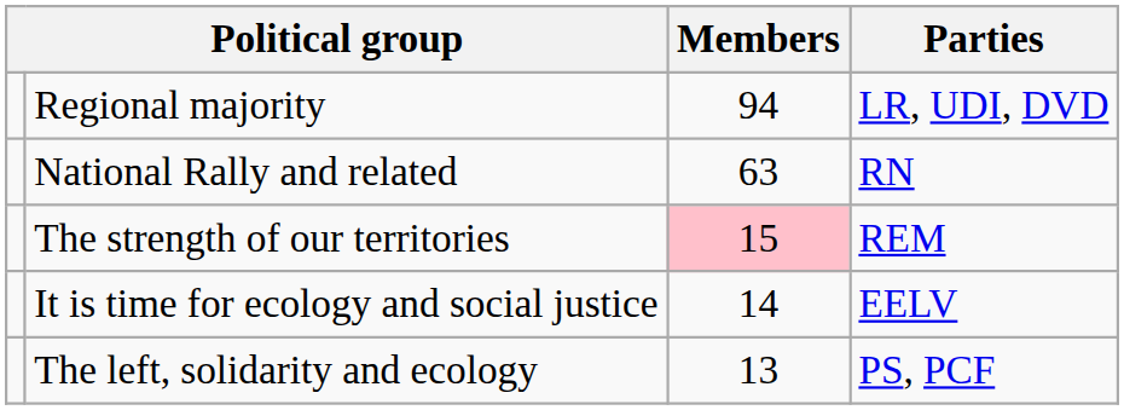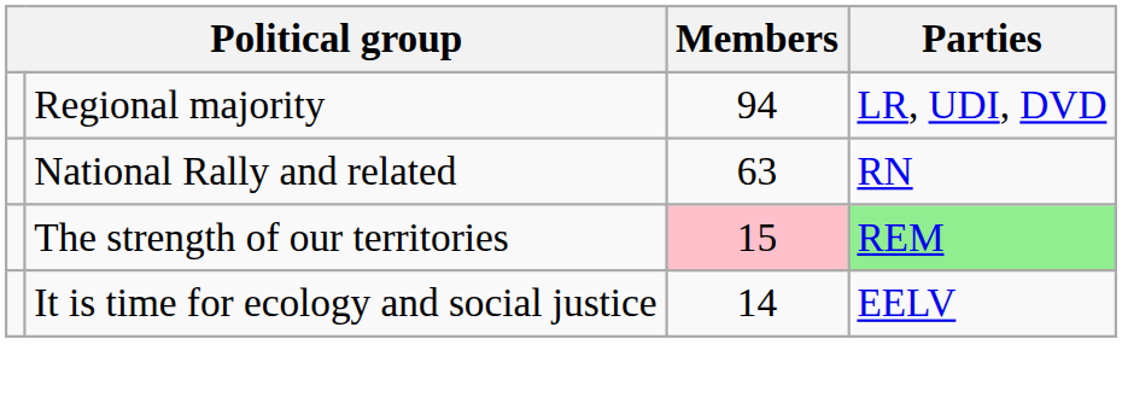 <table class="wikitable" style="font-size:95%;">
 <tr>
 <th colspan="2">Political group</th>
 <th>Members</th>
 <th>Parties</th>
 </tr>
 <tr>
 <td style="background:"></td>
 <td>Regional majority</td>
 <td style="text-align:center;">94</td>
 <td><a href='#'>LR</a>, <a href='#'>UDI</a>, <a href='#'>DVD</a></td>
 </tr>
 <tr>
 <td style="background:"></td>
 <td>National Rally and related</td>
 <td style="text-align:center;">63</td>
 <td><a href='#'>RN</a></td>
 </tr>
 <tr>
 <td style="background:"></td>
 <td>The strength of our territories</td>
 <td style="background: pink; text-align:center;">15</td>
-<td><a href='#'>REM</a></td>
+<td style="background: lightgreen;"><a href='#'>REM</a></td>
 </tr>
 <tr>
 <td style="background:"></td>
 <td>It is time for ecology and social justice</td>
 <td style="text-align:center;">14</td>
 <td><a href='#'>EELV</a></td>
 </tr>
-<tr>
-<td style="background:"></td>
-<td>The left, solidarity and ecology</td>
-<td style="text-align:center;">13</td>
-<td><a href='#'>PS</a>, <a href='#'>PCF</a></td>
-</tr>
 </table>
